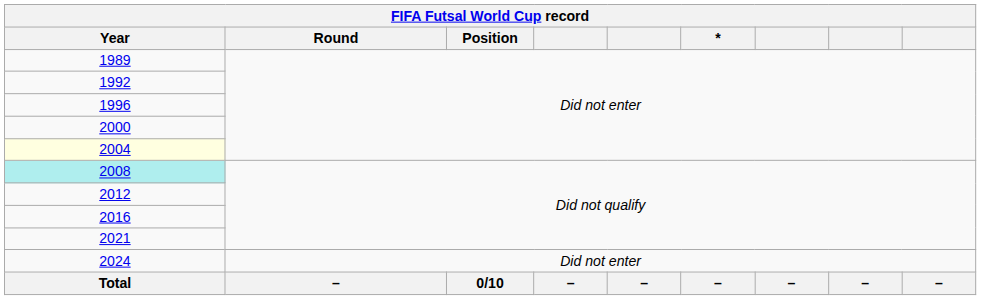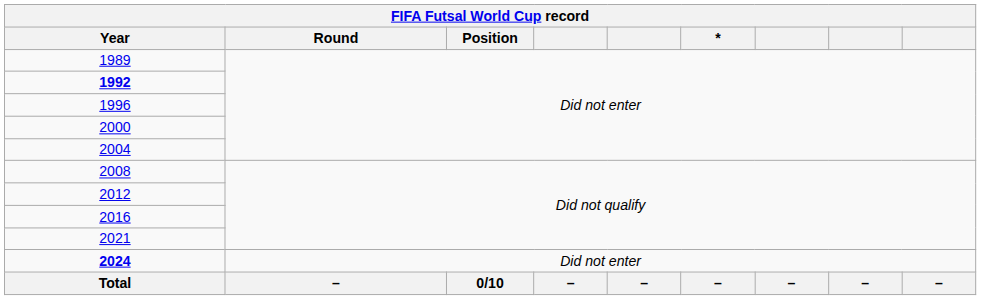 <table class="wikitable" style="font-size:90%; text-align:center;" width="50%">
 <tr>
 <th colspan="9"><a href='#'>FIFA Futsal World Cup</a> record</th>
 </tr>
 <tr>
 <th width="15%">Year</th>
 <th width="15%">Round</th>
 <th width="5%">Position</th>
 <th width="5%"></th>
 <th width="5%"></th>
 <th width="5%">*</th>
 <th width="5%"></th>
 <th width="5%"></th>
 <th width="5%"></th>
 </tr>
 <tr>
 <td> <a href='#'>1989</a></td>
 <td colspan="8" rowspan="5"><em>Did not enter</em></td>
 </tr>
 <tr bgcolor="">
-<td> <a href='#'>1992</a></td>
+<td><strong> <a href='#'>1992</a></strong></td>
 </tr>
 <tr>
 <td> <a href='#'>1996</a></td>
 </tr>
 <tr>
 <td> <a href='#'>2000</a></td>
 </tr>
 <tr>
-<td style="background: lightyellow;"> <a href='#'>2004</a></td>
+<td> <a href='#'>2004</a></td>
 </tr>
 <tr>
-<td style="background: paleturquoise;"> <a href='#'>2008</a></td>
+<td> <a href='#'>2008</a></td>
 <td colspan="8" rowspan="4"><em>Did</em> <em>not qualify</em></td>
 </tr>
 <tr>
 <td> <a href='#'>2012</a></td>
 </tr>
 <tr>
 <td> <a href='#'>2016</a></td>
 </tr>
 <tr>
 <td> <a href='#'>2021</a></td>
 </tr>
 <tr>
-<td> <a href='#'>2024</a></td>
+<td><strong> <a href='#'>2024</a></strong></td>
 <td colspan="8"><em>Did not enter</em></td>
 </tr>
 <tr>
 <th>Total</th>
 <th>–</th>
 <th>0/10</th>
 <th>–</th>
 <th>–</th>
 <th>–</th>
 <th>–</th>
 <th>–</th>
 <th>–</th>
 </tr>
 </table>
